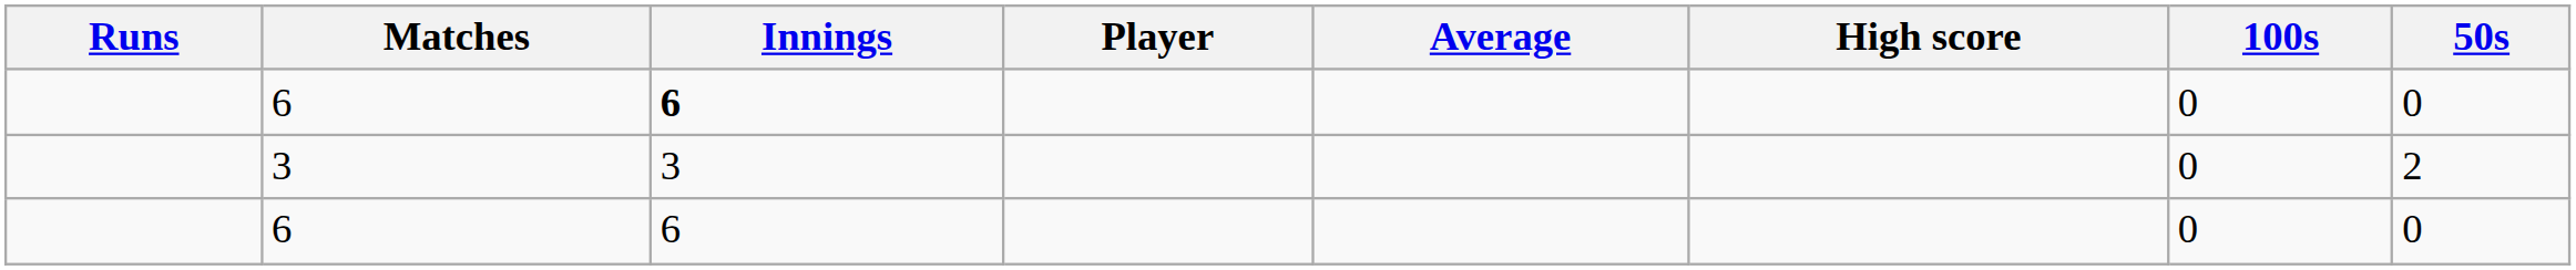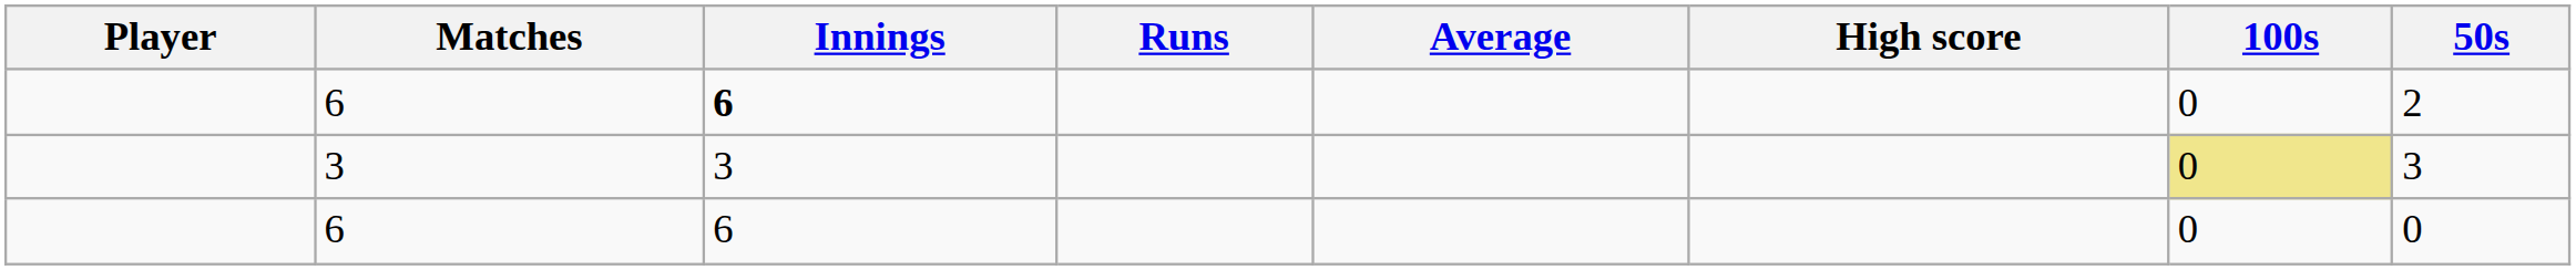 <table class="wikitable sortable" style="width:80%;">
 <tr>
-<th><a href='#'>Runs</a></th>
+<th>Player</th>
 <th>Matches</th>
 <th><a href='#'>Innings</a></th>
-<th>Player</th>
+<th><a href='#'>Runs</a></th>
 <th><a href='#'>Average</a></th>
 <th>High score</th>
 <th><a href='#'>100s</a></th>
 <th><a href='#'>50s</a></th>
 </tr>
 <tr>
 <td></td>
 <td>6</td>
 <td><strong>6</strong></td>
 <td></td>
 <td></td>
 <td></td>
 <td>0</td>
-<td>0</td>
+<td>2</td>
 </tr>
 <tr>
 <td></td>
 <td>3</td>
 <td>3</td>
 <td></td>
 <td></td>
 <td></td>
-<td>0</td>
-<td>2</td>
+<td style="background: khaki;">0</td>
+<td>3</td>
 </tr>
 <tr>
 <td></td>
 <td>6</td>
 <td>6</td>
 <td></td>
 <td></td>
 <td></td>
 <td>0</td>
 <td>0</td>
 </tr>
 </table>
